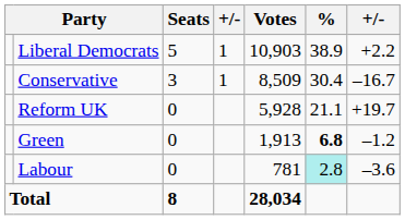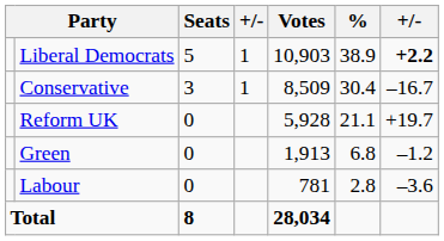 <table class="wikitable sortable">
 <tr>
 <th colspan="2">Party</th>
 <th>Seats</th>
 <th>+/-</th>
 <th>Votes</th>
 <th>%</th>
 <th>+/-</th>
 </tr>
 <tr>
 <td style="background-color: "></td>
 <td><a href='#'>Liberal Democrats</a></td>
 <td>5</td>
 <td> 1</td>
 <td style="text-align:right;">10,903</td>
 <td style="text-align:right;">38.9</td>
-<td style="text-align:right;">+2.2</td>
+<td style="text-align:right;"><strong>+2.2</strong></td>
 </tr>
 <tr>
 <td style="background-color: "></td>
 <td><a href='#'>Conservative</a></td>
 <td>3</td>
 <td> 1</td>
 <td style="text-align:right;">8,509</td>
 <td style="text-align:right;">30.4</td>
 <td style="text-align:right;">–16.7</td>
 </tr>
 <tr>
 <td style="background-color: "></td>
 <td><a href='#'>Reform UK</a></td>
 <td>0</td>
 <td></td>
 <td style="text-align:right;">5,928</td>
 <td style="text-align:right;">21.1</td>
 <td style="text-align:right;">+19.7</td>
 </tr>
 <tr>
 <td style="background-color: "></td>
 <td><a href='#'>Green</a></td>
 <td>0</td>
 <td></td>
 <td style="text-align:right;">1,913</td>
-<td style="text-align:right;"><strong>6.8</strong></td>
+<td style="text-align:right;">6.8</td>
 <td style="text-align:right;">–1.2</td>
 </tr>
 <tr>
 <td style="background-color: "></td>
 <td><a href='#'>Labour</a></td>
 <td>0</td>
 <td></td>
 <td style="text-align:right;">781</td>
-<td style="background: paleturquoise; text-align:right;">2.8</td>
+<td style="text-align:right;">2.8</td>
 <td style="text-align:right;">–3.6</td>
 </tr>
 <tr>
 <td colspan="2"><strong>Total</strong></td>
 <td><strong>8</strong></td>
 <td></td>
 <td style="text-align:right;"><strong>28,034</strong></td>
 <td style="text-align:right;"></td>
 <td style="text-align:right;"></td>
 </tr>
 </table>
